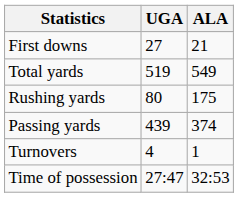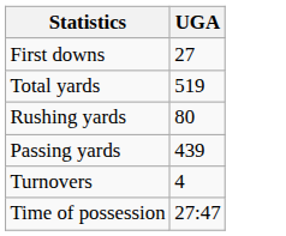 <table class="wikitable" style="float: left;">
 <tr>
 <th>Statistics</th>
 <th>UGA</th>
-<th>ALA</th>
 </tr>
 <tr>
 <td>First downs</td>
 <td>27</td>
-<td>21</td>
 </tr>
 <tr>
 <td>Total yards</td>
 <td>519</td>
-<td>549</td>
 </tr>
 <tr>
 <td>Rushing yards</td>
 <td>80</td>
-<td>175</td>
 </tr>
 <tr>
 <td>Passing yards</td>
 <td>439</td>
-<td>374</td>
 </tr>
 <tr>
 <td>Turnovers</td>
 <td>4</td>
-<td>1</td>
 </tr>
 <tr>
 <td>Time of possession</td>
 <td>27:47</td>
-<td>32:53</td>
 </tr>
 </table>
